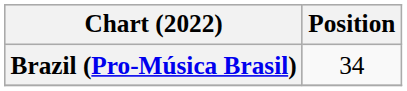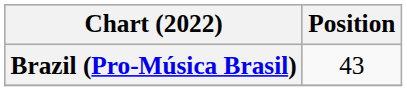 <table class="wikitable sortable plainrowheaders" style="text-align:center">
 <tr>
 <th scope="col">Chart (2022)</th>
 <th scope="col">Position</th>
 </tr>
 <tr>
 <th scope="row">Brazil (<a href='#'>Pro-Música Brasil</a>)</th>
-<td>34</td>
+<td>43</td>
 </tr>
 <tr>
 </tr>
 </table>
